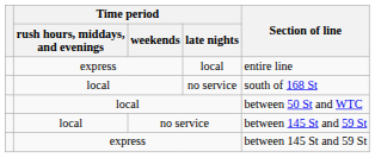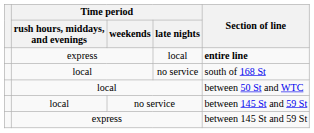 <table class="wikitable">
 <tr>
 <th rowspan=2> </th>
 <th colspan=3>Time period</th>
 <th rowspan=2>Section of line</th>
 </tr>
 <tr>
 <th>rush hours, middays,<br>and evenings</th>
 <th>weekends</th>
 <th>late nights</th>
 </tr>
 <tr>
 <td></td>
 <td align=center colspan=2>express</td>
 <td align=center>local</td>
-<td>entire line</td>
+<td><strong>entire line</strong></td>
 </tr>
 <tr>
 <td></td>
 <td colspan="2" align="center">local</td>
 <td align="center">no service</td>
 <td>south of <a href='#'>168 St</a></td>
 </tr>
 <tr>
 <td></td>
 <td colspan="3" align="center">local</td>
 <td>between <a href='#'>50 St</a> and <a href='#'>WTC</a></td>
 </tr>
 <tr>
 <td></td>
 <td align=center>local</td>
 <td align=center colspan=2>no service</td>
 <td>between <a href='#'>145 St</a> and <a href='#'>59 St</a></td>
 </tr>
 <tr>
 <td></td>
 <td align=center colspan=3>express</td>
 <td>between 145 St and 59 St</td>
 </tr>
 </table>
